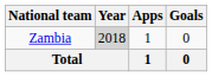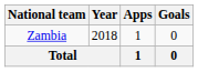 <table class="wikitable" style="text-align:center">
 <tr>
 <th>National team</th>
 <th>Year</th>
 <th>Apps</th>
 <th>Goals</th>
 </tr>
 <tr>
 <td rowspan="1"><a href='#'>Zambia</a></td>
-<td style="background: lightgrey;">2018</td>
+<td>2018</td>
 <td>1</td>
 <td>0</td>
 </tr>
 <tr>
 <th colspan=2>Total</th>
 <th>1</th>
 <th>0</th>
 </tr>
 </table>
